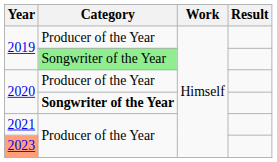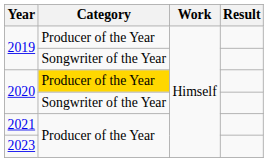 <table class="wikitable">
 <tr>
 <th>Year</th>
 <th>Category</th>
 <th>Work</th>
 <th>Result</th>
 </tr>
 <tr>
 <td rowspan="2"><a href='#'>2019</a></td>
 <td>Producer of the Year</td>
 <td rowspan="6">Himself</td>
 <td></td>
 </tr>
 <tr>
-<td style="background: lightgreen;">Songwriter of the Year</td>
+<td>Songwriter of the Year</td>
 <td></td>
 </tr>
 <tr>
 <td rowspan="2"><a href='#'>2020</a></td>
-<td>Producer of the Year</td>
+<td style="background: gold;">Producer of the Year</td>
 <td></td>
 </tr>
 <tr>
-<td><strong>Songwriter of the Year</strong></td>
+<td>Songwriter of the Year</td>
 <td></td>
 </tr>
 <tr>
 <td><a href='#'>2021</a></td>
 <td rowspan="2">Producer of the Year</td>
 <td></td>
 </tr>
 <tr>
-<td style="background: lightsalmon;"><a href='#'>2023</a></td>
+<td><a href='#'>2023</a></td>
 <td></td>
 </tr>
 </table>
